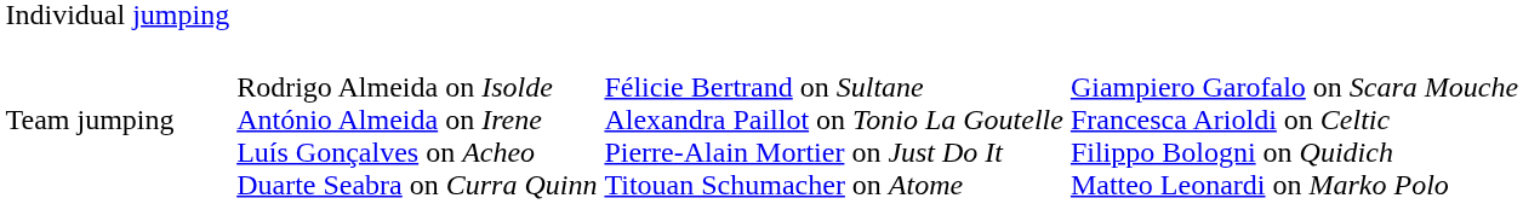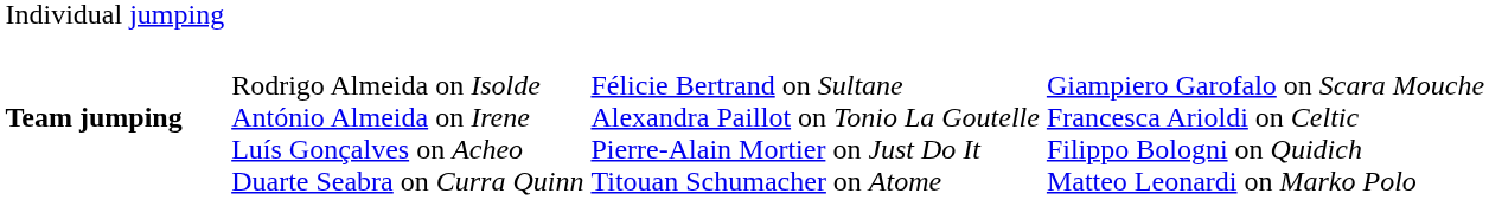 <table>
 <tr>
 <td>Individual <a href='#'>jumping</a></td>
 <td></td>
 <td></td>
 <td></td>
 </tr>
 <tr>
-<td>Team jumping</td>
+<td><strong>Team jumping</strong></td>
 <td><br>Rodrigo Almeida on <em>Isolde</em><br><a href='#'>António Almeida</a> on <em>Irene</em><br><a href='#'>Luís Gonçalves</a> on <em>Acheo</em><br><a href='#'>Duarte Seabra</a> on <em>Curra Quinn</em></td>
 <td><br><a href='#'>Félicie Bertrand</a> on <em>Sultane</em><br><a href='#'>Alexandra Paillot</a> on <em>Tonio La Goutelle</em><br><a href='#'>Pierre-Alain Mortier</a> on <em>Just Do It</em><br><a href='#'>Titouan Schumacher</a> on <em>Atome</em></td>
 <td><br><a href='#'>Giampiero Garofalo</a> on <em>Scara Mouche</em><br><a href='#'>Francesca Arioldi</a> on <em>Celtic</em><br><a href='#'>Filippo Bologni</a> on <em>Quidich</em><br><a href='#'>Matteo Leonardi</a> on <em>Marko Polo</em></td>
 </tr>
 </table>
